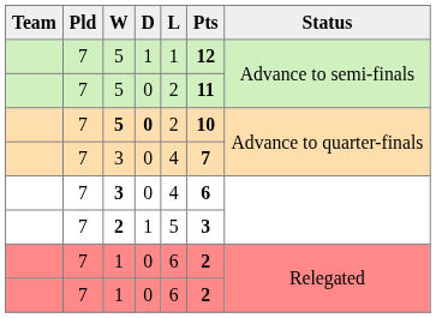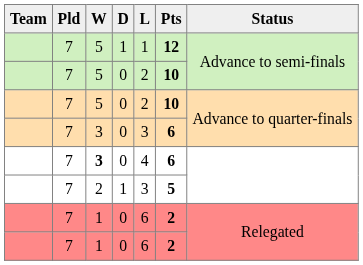 <table style=border-collapse:collapse border=1 cellspacing=0 cellpadding=5>
 <tr align=center bgcolor=#efefef>
 <th>Team</th>
 <th>Pld</th>
 <th>W</th>
 <th>D</th>
 <th>L</th>
 <th>Pts</th>
 <th>Status</th>
 </tr>
 <tr align=center style="background:#D0F0C0;">
 <td style="text-align:left;"> </td>
 <td>7</td>
 <td>5</td>
 <td>1</td>
 <td>1</td>
 <td><strong>12</strong></td>
 <td rowspan=2>Advance to semi-finals</td>
 </tr>
 <tr align=center style="background:#D0F0C0;">
 <td style="text-align:left;"> </td>
 <td>7</td>
 <td>5</td>
 <td>0</td>
 <td>2</td>
-<td><strong>11</strong></td>
+<td><strong>10</strong></td>
 </tr>
 <tr align=center style="background:#FFDEAD;">
 <td style="text-align:left;"> </td>
 <td>7</td>
-<td><strong>5</strong></td>
-<td><strong>0</strong></td>
+<td>5</td>
+<td>0</td>
 <td>2</td>
 <td><strong>10</strong></td>
 <td rowspan=2>Advance to quarter-finals</td>
 </tr>
 <tr align=center style="background:#FFDEAD;">
 <td style="text-align:left;"> </td>
 <td>7</td>
 <td>3</td>
 <td>0</td>
-<td>4</td>
-<td><strong>7</strong></td>
+<td>3</td>
+<td><strong>6</strong></td>
 </tr>
 <tr align=center style="background:#FFFFFF;">
 <td style="text-align:left;"> </td>
 <td>7</td>
 <td><strong>3</strong></td>
 <td>0</td>
 <td>4</td>
 <td><strong>6</strong></td>
 <td rowspan=2></td>
 </tr>
 <tr align=center style="background:#FFFFFF;">
 <td style="text-align:left;"> </td>
 <td>7</td>
-<td><strong>2</strong></td>
+<td>2</td>
 <td>1</td>
-<td>5</td>
-<td><strong>3</strong></td>
+<td>3</td>
+<td><strong>5</strong></td>
 </tr>
 <tr align=center style="background:#FF8888;">
 <td style="text-align:left;"> </td>
 <td>7</td>
 <td>1</td>
 <td>0</td>
 <td>6</td>
 <td><strong>2</strong></td>
 <td rowspan=2>Relegated</td>
 </tr>
 <tr align=center style="background:#FF8888;">
 <td style="text-align:left;"> </td>
 <td>7</td>
 <td>1</td>
 <td>0</td>
 <td>6</td>
 <td><strong>2</strong></td>
 </tr>
 </table>
